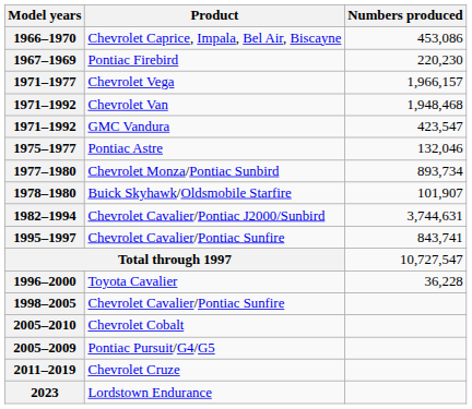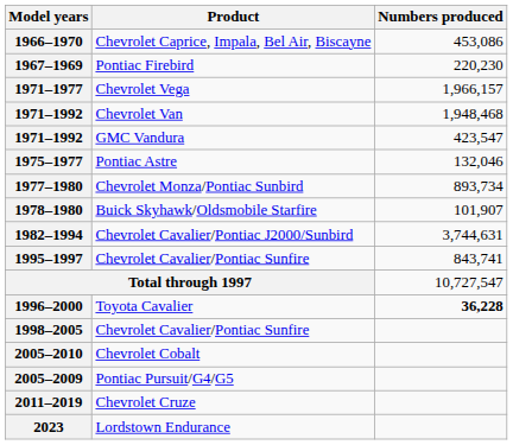 <table class=wikitable>
 <tr>
 <th>Model years</th>
 <th>Product</th>
 <th>Numbers produced</th>
 </tr>
 <tr>
 <th>1966–1970</th>
 <td><a href='#'>Chevrolet Caprice</a>, <a href='#'>Impala</a>, <a href='#'>Bel Air</a>, <a href='#'>Biscayne</a></td>
 <td align=right>453,086</td>
 </tr>
 <tr>
 <th>1967–1969</th>
 <td><a href='#'>Pontiac Firebird</a></td>
 <td align=right>220,230</td>
 </tr>
 <tr>
 <th>1971–1977</th>
 <td><a href='#'>Chevrolet Vega</a></td>
 <td align=right>1,966,157 </td>
 </tr>
 <tr>
 <th>1971–1992</th>
 <td><a href='#'>Chevrolet Van</a></td>
 <td align=right>1,948,468</td>
 </tr>
 <tr>
 <th>1971–1992</th>
 <td><a href='#'>GMC Vandura</a></td>
 <td align=right>423,547</td>
 </tr>
 <tr>
 <th>1975–1977</th>
 <td><a href='#'>Pontiac Astre</a></td>
 <td align=right>132,046</td>
 </tr>
 <tr>
 <th>1977–1980</th>
 <td><a href='#'>Chevrolet Monza</a>/<a href='#'>Pontiac Sunbird</a></td>
 <td align=right>893,734</td>
 </tr>
 <tr>
 <th>1978–1980</th>
 <td><a href='#'>Buick Skyhawk</a>/<a href='#'>Oldsmobile Starfire</a></td>
 <td align=right>101,907</td>
 </tr>
 <tr>
 <th>1982–1994</th>
 <td><a href='#'>Chevrolet Cavalier</a>/<a href='#'>Pontiac J2000/Sunbird</a></td>
 <td align=right>3,744,631</td>
 </tr>
 <tr>
 <th>1995–1997</th>
 <td><a href='#'>Chevrolet Cavalier</a>/<a href='#'>Pontiac Sunfire</a></td>
 <td align=right>843,741</td>
 </tr>
 <tr>
 <th colspan=2>Total through 1997</th>
 <td align=right>10,727,547</td>
 </tr>
 <tr>
 <th>1996–2000</th>
 <td><a href='#'>Toyota Cavalier</a></td>
-<td align=right>36,228</td>
+<td align=right><strong>36,228</strong></td>
 </tr>
 <tr>
 <th>1998–2005</th>
 <td><a href='#'>Chevrolet Cavalier</a>/<a href='#'>Pontiac Sunfire</a></td>
 <td align=right></td>
 </tr>
 <tr>
 <th>2005–2010</th>
 <td><a href='#'>Chevrolet Cobalt</a></td>
 <td align=right></td>
 </tr>
 <tr>
 <th>2005–2009</th>
 <td><a href='#'>Pontiac Pursuit</a>/<a href='#'>G4</a>/<a href='#'>G5</a></td>
 <td align=right></td>
 </tr>
 <tr>
 <th>2011–2019</th>
 <td><a href='#'>Chevrolet Cruze</a></td>
 <td align=right></td>
 </tr>
 <tr>
 <th>2023</th>
 <td><a href='#'>Lordstown Endurance</a></td>
 <td></td>
 </tr>
 </table>
